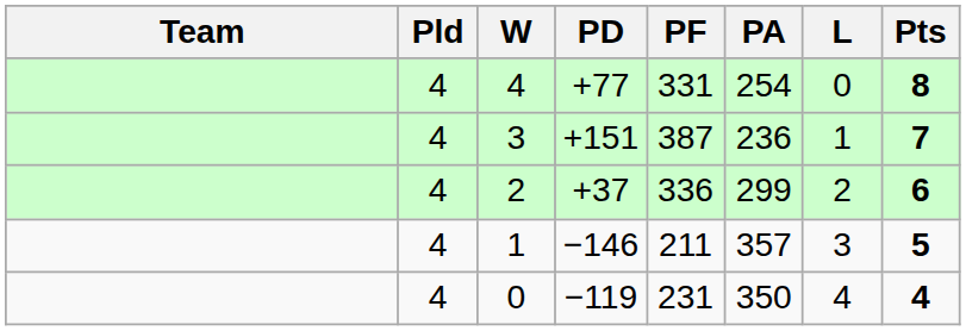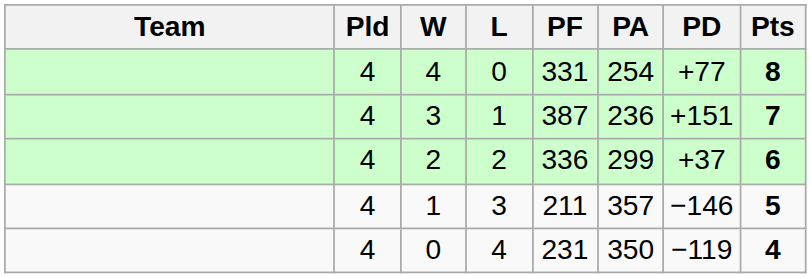 <table class=wikitable style="text-align:center">
 <tr>
 <th width=180>Team</th>
 <th width=30>Pld</th>
 <th width=30>W</th>
-<th width=30>PD</th>
+<th width=30>L</th>
 <th width=30>PF</th>
 <th width=30>PA</th>
-<th width=30>L</th>
+<th width=30>PD</th>
 <th width=30>Pts</th>
 </tr>
 <tr align=center bgcolor="#ccffcc">
 <td align=left></td>
 <td>4</td>
 <td>4</td>
-<td>+77</td>
+<td>0</td>
 <td>331</td>
 <td>254</td>
-<td>0</td>
+<td>+77</td>
 <td><strong>8</strong></td>
 </tr>
 <tr align=center bgcolor="#ccffcc">
 <td align=left></td>
 <td>4</td>
 <td>3</td>
-<td>+151</td>
+<td>1</td>
 <td>387</td>
 <td>236</td>
-<td>1</td>
+<td>+151</td>
 <td><strong>7</strong></td>
 </tr>
 <tr align=center bgcolor="#ccffcc">
 <td align=left></td>
 <td>4</td>
 <td>2</td>
-<td>+37</td>
+<td>2</td>
 <td>336</td>
 <td>299</td>
-<td>2</td>
+<td>+37</td>
 <td><strong>6</strong></td>
 </tr>
 <tr align=center>
 <td align=left></td>
 <td>4</td>
 <td>1</td>
-<td>−146</td>
+<td>3</td>
 <td>211</td>
 <td>357</td>
-<td>3</td>
+<td>−146</td>
 <td><strong>5</strong></td>
 </tr>
 <tr align=center>
 <td align=left></td>
 <td>4</td>
 <td>0</td>
-<td>−119</td>
+<td>4</td>
 <td>231</td>
 <td>350</td>
-<td>4</td>
+<td>−119</td>
 <td><strong>4</strong></td>
 </tr>
 </table>
